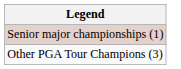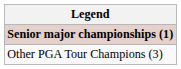 <table class="wikitable" style="font-size:95%;">
 <tr>
 <th>Legend</th>
 </tr>
 <tr style="background:#e5d1cb;">
-<td>Senior major championships (1)</td>
+<td><strong>Senior major championships (1)</strong></td>
 </tr>
 <tr>
 <td>Other PGA Tour Champions (3)</td>
 </tr>
 </table>
